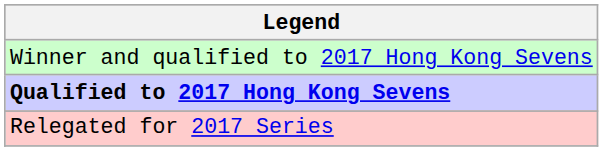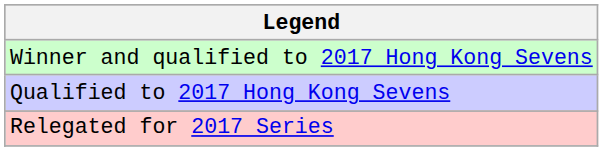 <table class="wikitable">
 <tr>
 <th>Legend</th>
 </tr>
 <tr bgcolor=ccffcc>
 <td>Winner and qualified to <a href='#'>2017 Hong Kong Sevens</a></td>
 </tr>
 <tr bgcolor=ccccff>
-<td><strong>Qualified to <a href='#'>2017 Hong Kong Sevens</a></strong></td>
+<td>Qualified to <a href='#'>2017 Hong Kong Sevens</a></td>
 </tr>
 <tr bgcolor=ffcccc>
 <td>Relegated for <a href='#'>2017 Series</a></td>
 </tr>
 </table>
